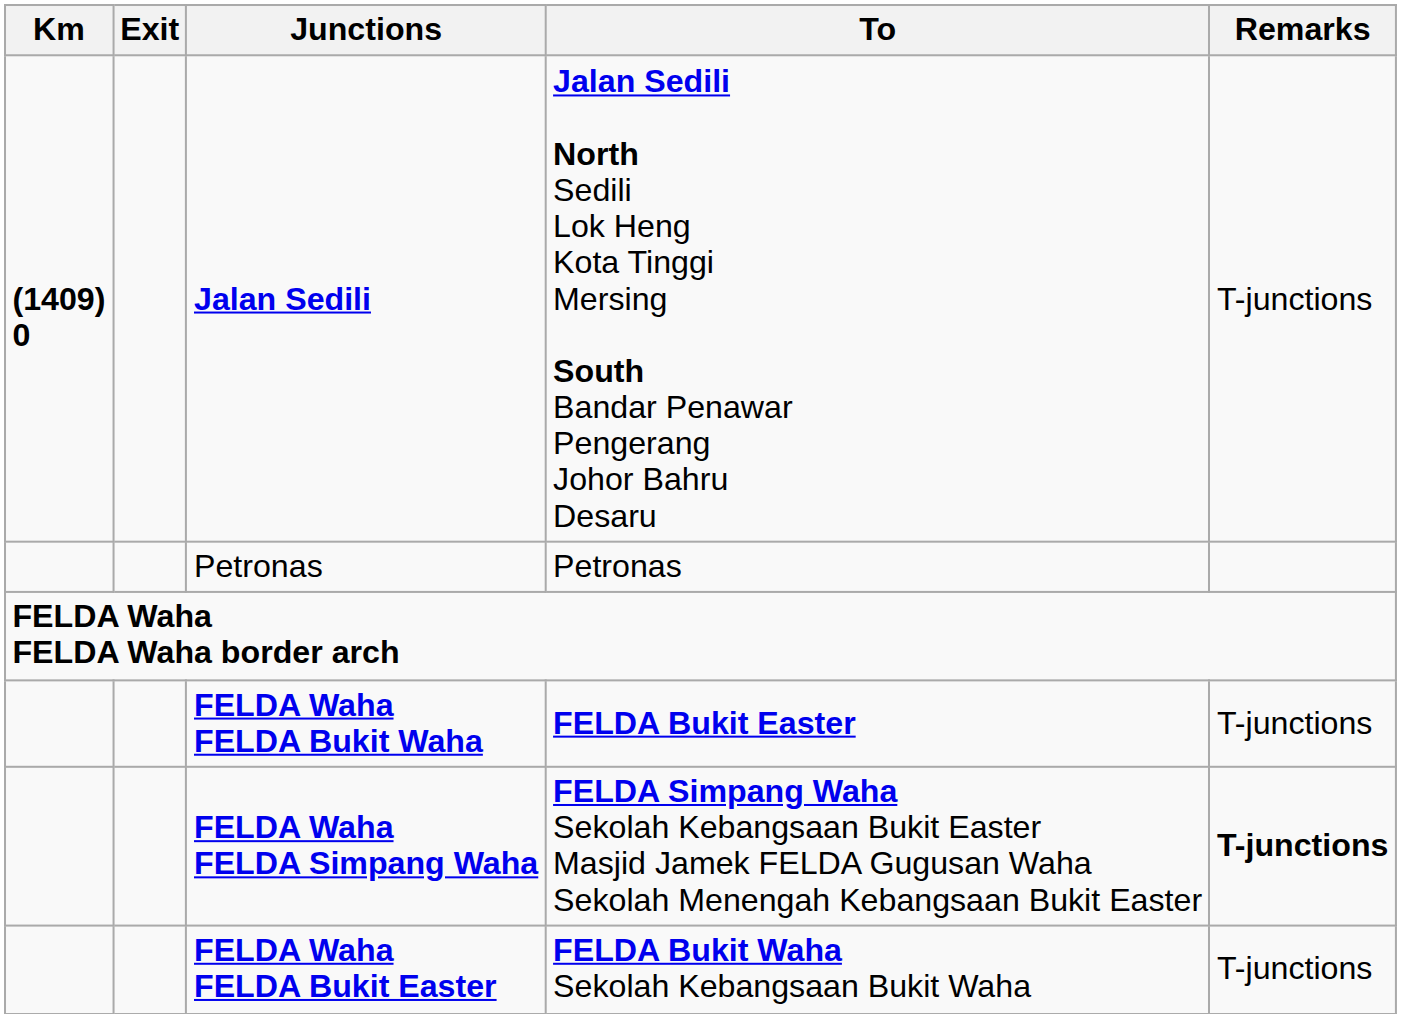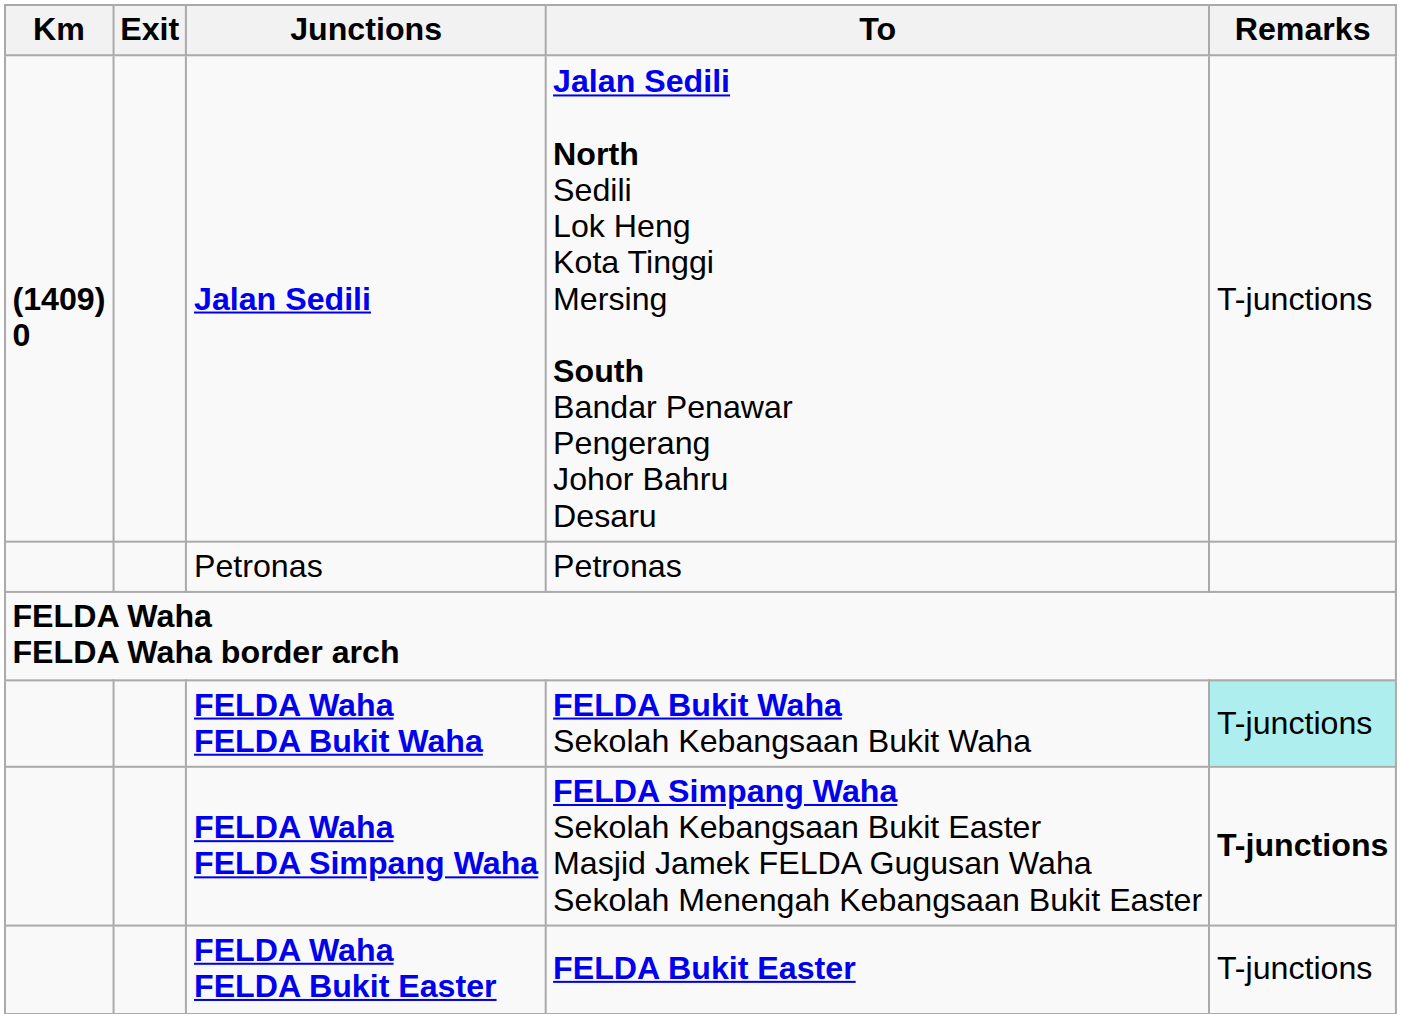 <table class="wikitable">
 <tr>
 <th>Km</th>
 <th>Exit</th>
 <th>Junctions</th>
 <th>To</th>
 <th>Remarks</th>
 </tr>
 <tr>
 <td><br><strong>(1409)</strong><br><strong>0</strong></td>
 <td></td>
 <td><strong><a href='#'>Jalan Sedili</a></strong></td>
 <td> <strong><a href='#'>Jalan Sedili</a></strong><br><br><strong>North</strong><br> Sedili<br> Lok Heng<br>  Kota Tinggi<br>  Mersing<br><br><strong>South</strong><br> Bandar Penawar<br> Pengerang<br>  Johor Bahru<br> Desaru</td>
 <td>T-junctions</td>
 </tr>
 <tr>
 <td></td>
 <td></td>
 <td>  Petronas</td>
 <td>  Petronas</td>
 <td></td>
 </tr>
 <tr>
 <td style="width:600px" colspan="6" style="text-align:center; background:white;"><strong><span>FELDA Waha<br>FELDA Waha border arch</span></strong></td>
 </tr>
 <tr>
 <td></td>
 <td></td>
 <td><strong><a href='#'>FELDA Waha</a></strong><br><strong><a href='#'>FELDA Bukit Waha</a></strong></td>
-<td><strong><a href='#'>FELDA Bukit Easter</a></strong></td>
-<td>T-junctions</td>
+<td><strong><a href='#'>FELDA Bukit Waha</a></strong><br>Sekolah Kebangsaan Bukit Waha</td>
+<td style="background: paleturquoise;">T-junctions</td>
 </tr>
 <tr>
 <td></td>
 <td></td>
 <td><strong><a href='#'>FELDA Waha</a></strong><br><strong><a href='#'>FELDA Simpang Waha</a></strong></td>
 <td><strong><a href='#'>FELDA Simpang Waha</a></strong><br>Sekolah Kebangsaan Bukit Easter<br>Masjid Jamek FELDA Gugusan Waha <br>Sekolah Menengah Kebangsaan Bukit Easter</td>
 <td><strong>T-junctions</strong></td>
 </tr>
 <tr>
 <td></td>
 <td></td>
 <td><strong><a href='#'>FELDA Waha</a></strong><br><strong><a href='#'>FELDA Bukit Easter</a></strong></td>
-<td><strong><a href='#'>FELDA Bukit Waha</a></strong><br>Sekolah Kebangsaan Bukit Waha</td>
+<td><strong><a href='#'>FELDA Bukit Easter</a></strong></td>
 <td>T-junctions</td>
 </tr>
 </table>
